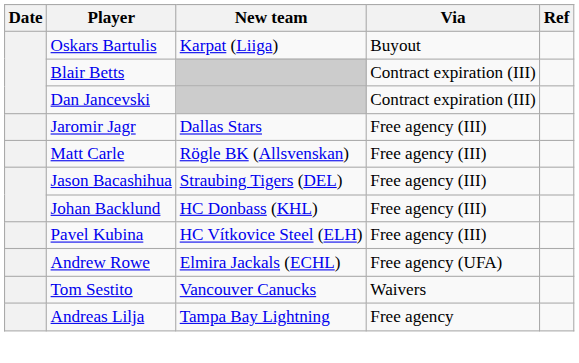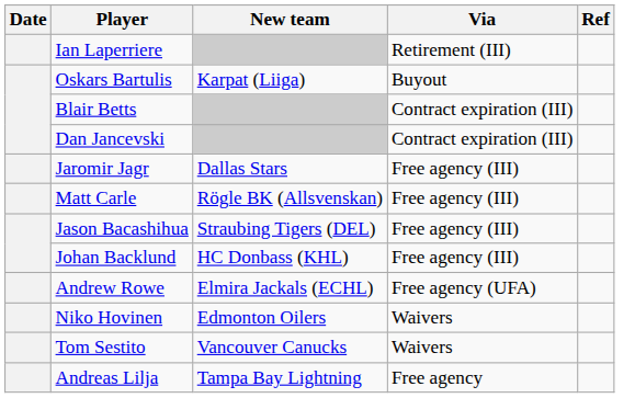 <table class="wikitable plainrowheaders">
 <tr style="background:#ddd; text-align:center;">
 <th>Date</th>
 <th>Player</th>
 <th>New team</th>
 <th>Via</th>
 <th>Ref</th>
+</tr>
+<tr>
+<th scope="row"></th>
+<td><a href='#'>Ian Laperriere</a></td>
+<td style="background:#ccc"></td>
+<td>Retirement (III)</td>
+<td></td>
 </tr>
 <tr>
 <th scope="row" rowspan=3></th>
 <td><a href='#'>Oskars Bartulis</a></td>
 <td><a href='#'>Karpat</a> (<a href='#'>Liiga</a>)</td>
 <td>Buyout</td>
 <td></td>
 </tr>
 <tr>
 <td><a href='#'>Blair Betts</a></td>
 <td style="background:#ccc"></td>
 <td>Contract expiration (III)</td>
 <td></td>
 </tr>
 <tr>
 <td><a href='#'>Dan Jancevski</a></td>
 <td style="background:#ccc"></td>
 <td>Contract expiration (III)</td>
 <td></td>
 </tr>
 <tr>
 <th scope="row"></th>
 <td><a href='#'>Jaromir Jagr</a></td>
 <td><a href='#'>Dallas Stars</a></td>
 <td>Free agency (III)</td>
 <td></td>
 </tr>
 <tr>
 <th scope="row"></th>
 <td><a href='#'>Matt Carle</a></td>
 <td><a href='#'>Rögle BK</a> (<a href='#'>Allsvenskan</a>)</td>
 <td>Free agency (III)</td>
 <td></td>
 </tr>
 <tr>
 <th scope="row" rowspan=2></th>
 <td><a href='#'>Jason Bacashihua</a></td>
 <td><a href='#'>Straubing Tigers</a> (<a href='#'>DEL</a>)</td>
 <td>Free agency (III)</td>
 <td></td>
 </tr>
 <tr>
 <td><a href='#'>Johan Backlund</a></td>
 <td><a href='#'>HC Donbass</a> (<a href='#'>KHL</a>)</td>
 <td>Free agency (III)</td>
 <td></td>
 </tr>
 <tr>
 <th scope="row"></th>
-<td><a href='#'>Pavel Kubina</a></td>
-<td><a href='#'>HC Vítkovice Steel</a> (<a href='#'>ELH</a>)</td>
-<td>Free agency (III)</td>
+<td><a href='#'>Andrew Rowe</a></td>
+<td><a href='#'>Elmira Jackals</a> (<a href='#'>ECHL</a>)</td>
+<td>Free agency (UFA)</td>
 <td></td>
 </tr>
 <tr>
 <th scope="row"></th>
-<td><a href='#'>Andrew Rowe</a></td>
-<td><a href='#'>Elmira Jackals</a> (<a href='#'>ECHL</a>)</td>
-<td>Free agency (UFA)</td>
+<td><a href='#'>Niko Hovinen</a></td>
+<td><a href='#'>Edmonton Oilers</a></td>
+<td>Waivers</td>
 <td></td>
 </tr>
 <tr>
 <th scope="row"></th>
 <td><a href='#'>Tom Sestito</a></td>
 <td><a href='#'>Vancouver Canucks</a></td>
 <td>Waivers</td>
 <td></td>
 </tr>
 <tr>
 <th scope="row"></th>
 <td><a href='#'>Andreas Lilja</a></td>
 <td><a href='#'>Tampa Bay Lightning</a></td>
 <td>Free agency</td>
 <td></td>
 </tr>
 </table>
